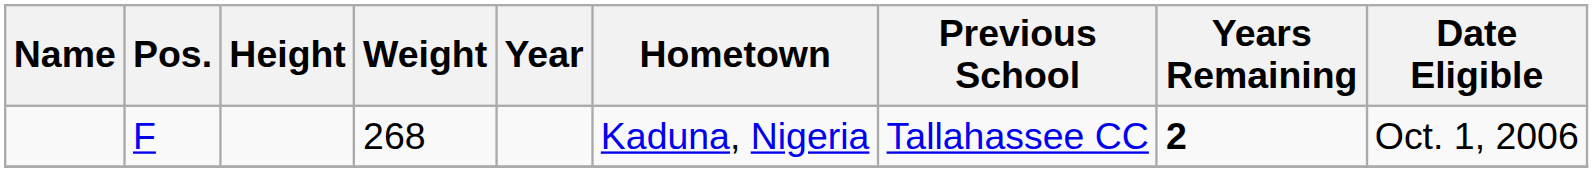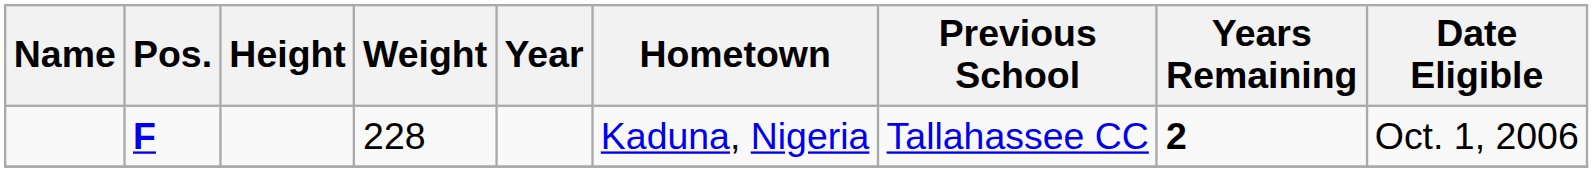 <table class="wikitable sortable" border="1">
 <tr>
 <th>Name</th>
 <th>Pos.</th>
 <th>Height</th>
 <th>Weight</th>
 <th>Year</th>
 <th>Hometown</th>
 <th class="unsortable">Previous<br>School</th>
 <th class="unsortable">Years<br>Remaining</th>
 <th class="unsortable">Date<br>Eligible</th>
 </tr>
 <tr>
 <td></td>
-<td><a href='#'>F</a></td>
+<td><strong><a href='#'>F</a></strong></td>
 <td></td>
-<td>268</td>
+<td>228</td>
 <td></td>
 <td><a href='#'>Kaduna</a>, <a href='#'>Nigeria</a></td>
 <td><a href='#'>Tallahassee CC</a></td>
 <td><strong>2</strong></td>
 <td>Oct. 1, 2006</td>
 </tr>
 <tr>
 </tr>
 </table>
